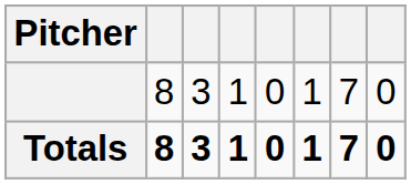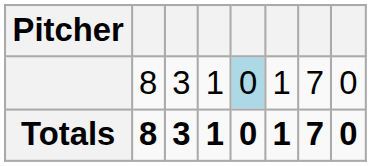 <table class="wikitable sortable plainrowheaders">
 <tr>
 <th scope="col">Pitcher</th>
 <th scope="col"></th>
 <th scope="col"></th>
 <th scope="col"></th>
 <th scope="col"></th>
 <th scope="col"></th>
 <th scope="col"></th>
 <th scope="col"></th>
 </tr>
 <tr>
 <th scope="row"></th>
 <td>8</td>
 <td>3</td>
 <td>1</td>
-<td>0</td>
+<td style="background: lightblue;">0</td>
 <td>1</td>
 <td>7</td>
 <td>0</td>
 </tr>
 <tr class="sortbottom">
 <th scope="row">Totals</th>
 <td><strong>8</strong></td>
 <td><strong>3</strong></td>
 <td><strong>1</strong></td>
 <td><strong>0</strong></td>
 <td><strong>1</strong></td>
 <td><strong>7</strong></td>
 <td><strong>0</strong></td>
 </tr>
 </table>
